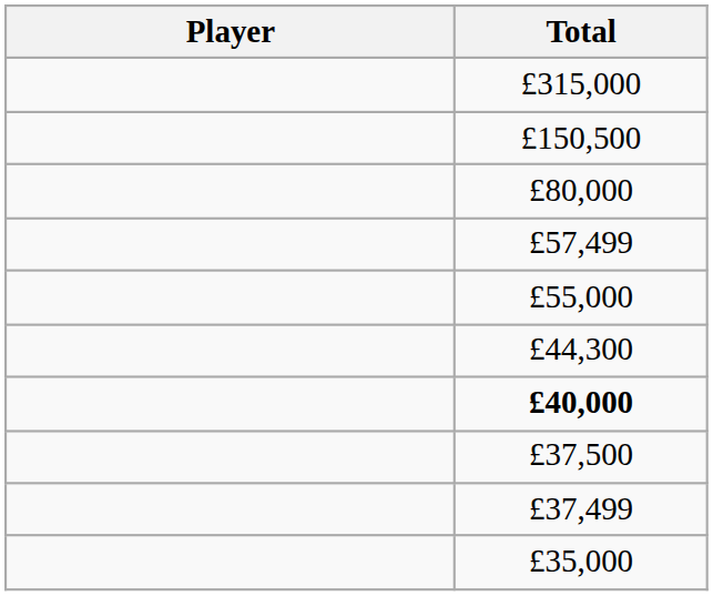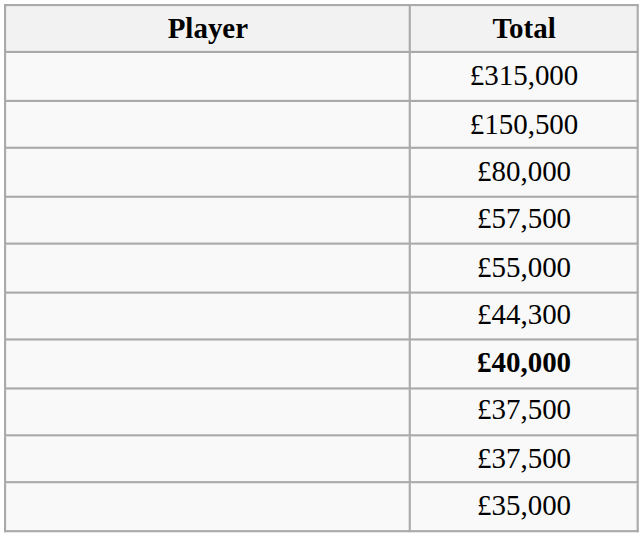 <table class="wikitable" style="font-size: 85%">
 <tr>
 <th width=184>Player</th>
 <th width=100>Total</th>
 </tr>
 <tr>
 <td></td>
 <td align="center">£315,000</td>
 </tr>
 <tr>
 <td></td>
 <td align="center">£150,500</td>
 </tr>
 <tr>
 <td></td>
 <td align="center">£80,000</td>
 </tr>
 <tr>
 <td></td>
-<td align="center">£57,499</td>
+<td align="center">£57,500</td>
 </tr>
 <tr>
 <td></td>
 <td align="center">£55,000</td>
 </tr>
 <tr>
 <td></td>
 <td align="center">£44,300</td>
 </tr>
 <tr>
 <td></td>
 <td align="center"><strong>£40,000</strong></td>
 </tr>
 <tr>
 <td></td>
 <td align="center">£37,500</td>
 </tr>
 <tr>
 <td></td>
-<td align="center">£37,499</td>
+<td align="center">£37,500</td>
 </tr>
 <tr>
 <td></td>
 <td align="center">£35,000</td>
 </tr>
 </table>
